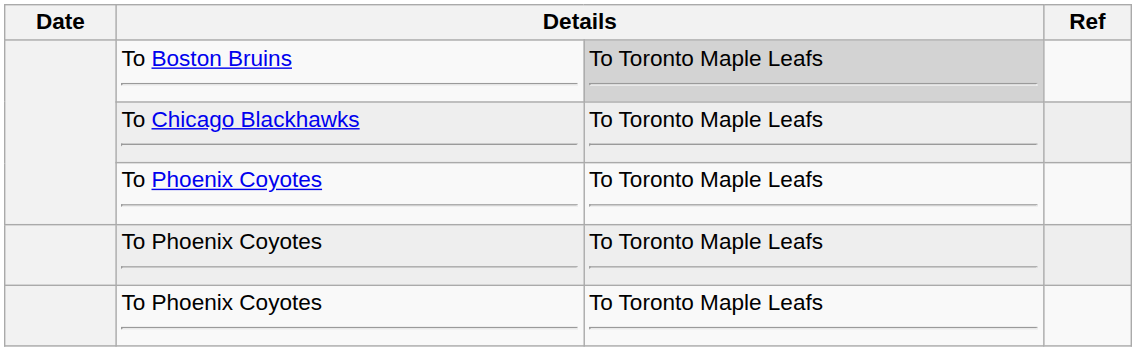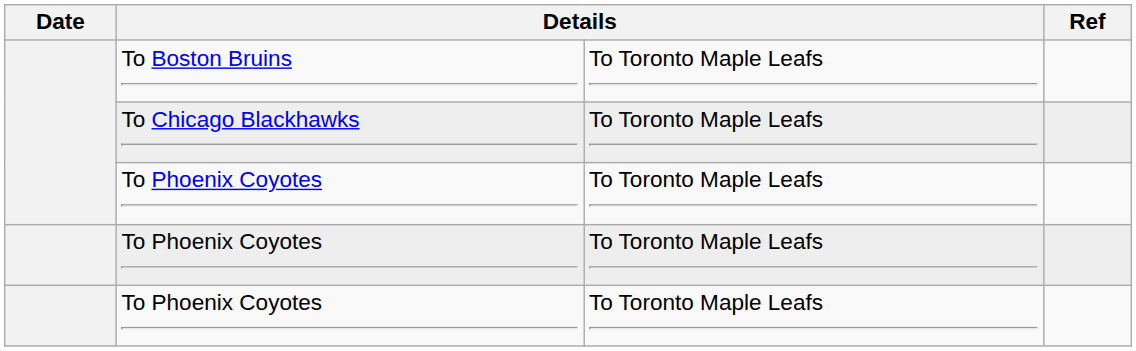 <table class="wikitable plainrowheaders" style="width: 50em;">
 <tr>
 <th scope="col">Date</th>
 <th scope="col" colspan="2">Details</th>
 <th scope="col">Ref</th>
 </tr>
 <tr>
 <th scope="row" rowspan=3></th>
 <td valign="top">To <a href='#'>Boston Bruins</a><hr></td>
-<td valign="top" style="background: lightgrey;">To Toronto Maple Leafs<hr></td>
+<td valign="top">To Toronto Maple Leafs<hr></td>
 <td></td>
 </tr>
 <tr bgcolor="#eeeeee">
 <td valign="top">To <a href='#'>Chicago Blackhawks</a><hr></td>
 <td valign="top">To Toronto Maple Leafs<hr></td>
 <td></td>
 </tr>
 <tr>
 <td valign="top">To <a href='#'>Phoenix Coyotes</a><hr></td>
 <td valign="top">To Toronto Maple Leafs<hr></td>
 <td></td>
 </tr>
 <tr bgcolor="#eeeeee">
 <th scope="row"></th>
 <td valign="top">To Phoenix Coyotes<hr></td>
 <td valign="top">To Toronto Maple Leafs<hr></td>
 <td></td>
 </tr>
 <tr>
 <th scope="row"></th>
 <td valign="top">To Phoenix Coyotes<hr></td>
 <td valign="top">To Toronto Maple Leafs<hr></td>
 <td></td>
 </tr>
 </table>
